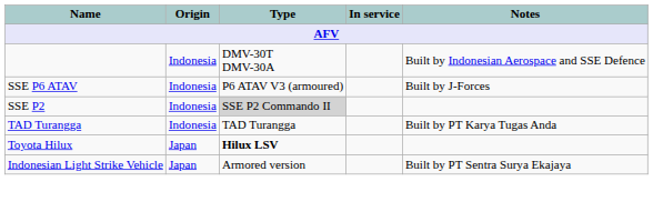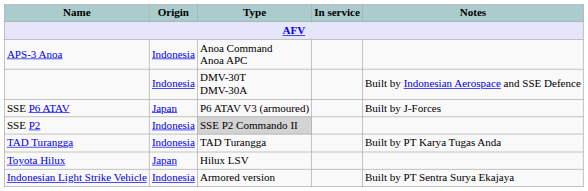 <table class="wikitable">
 <tr>
 <th style="text-align:center; background:#acc;">Name</th>
 <th style="text-align: center; background:#acc;">Origin</th>
 <th style="text-align:l center; background:#acc;">Type</th>
 <th style="text-align:l center; background:#acc;">In service</th>
 <th style="text-align: center; background:#acc;">Notes</th>
 </tr>
 <tr>
 <th colspan="5" style="align: center; background: lavender;"><a href='#'>AFV</a></th>
 </tr>
 <tr>
+<td><a href='#'>APS-3 Anoa</a></td>
+<td><a href='#'>Indonesia</a></td>
+<td>Anoa Command<br>Anoa APC</td>
+<td></td>
+<td></td>
+</tr>
+<tr>
 <td></td>
 <td><a href='#'>Indonesia</a></td>
 <td>DMV-30T<br>DMV-30A</td>
 <td></td>
 <td>Built by <a href='#'>Indonesian Aerospace</a> and SSE Defence</td>
 </tr>
 <tr>
 <td>SSE <a href='#'>P6 ATAV</a></td>
-<td><a href='#'>Indonesia</a></td>
+<td><a href='#'>Japan</a></td>
 <td>P6 ATAV V3 (armoured)</td>
 <td></td>
 <td>Built by J-Forces</td>
 </tr>
 <tr>
 <td>SSE <a href='#'>P2</a></td>
 <td><a href='#'>Indonesia</a></td>
 <td style="background: lightgrey;">SSE P2 Commando II</td>
 <td></td>
 <td></td>
 </tr>
 <tr>
 <td><a href='#'>TAD Turangga</a></td>
 <td><a href='#'>Indonesia</a></td>
 <td>TAD Turangga</td>
 <td></td>
 <td>Built by PT Karya Tugas Anda</td>
 </tr>
 <tr>
 <td><a href='#'>Toyota Hilux</a></td>
 <td><a href='#'>Japan</a></td>
-<td><strong>Hilux LSV</strong></td>
+<td>Hilux LSV</td>
 <td></td>
 <td></td>
 </tr>
 <tr>
 <td><a href='#'>Indonesian Light Strike Vehicle</a></td>
-<td><a href='#'>Japan</a></td>
+<td><a href='#'>Indonesia</a></td>
 <td>Armored version</td>
 <td></td>
 <td>Built by PT Sentra Surya Ekajaya</td>
 </tr>
 </table>
